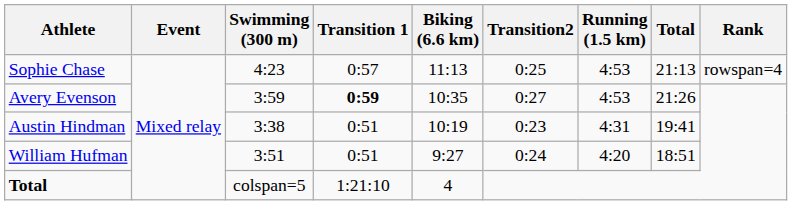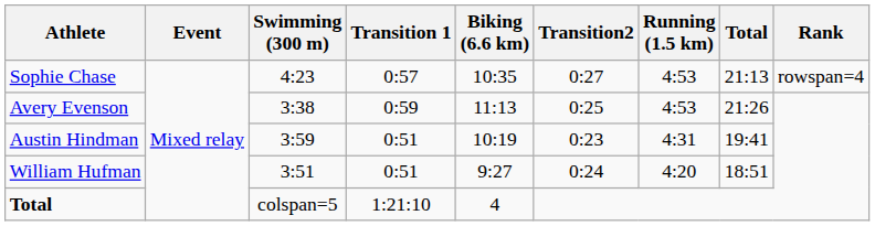 <table class=wikitable style=font-size:90%;text-align:center>
 <tr>
 <th>Athlete</th>
 <th>Event</th>
 <th>Swimming<br><span>(300 m)</span></th>
 <th>Transition 1</th>
 <th>Biking<br><span>(6.6 km)</span></th>
 <th>Transition2</th>
 <th>Running<br><span>(1.5 km)</span></th>
 <th>Total</th>
 <th>Rank</th>
 </tr>
 <tr>
 <td align=left><a href='#'>Sophie Chase</a></td>
 <td align=left rowspan=5><a href='#'>Mixed relay</a></td>
 <td>4:23</td>
 <td>0:57</td>
-<td>11:13</td>
-<td>0:25</td>
+<td>10:35</td>
+<td>0:27</td>
 <td>4:53</td>
 <td>21:13</td>
 <td>rowspan=4 </td>
 </tr>
 <tr>
 <td align=left><a href='#'>Avery Evenson</a></td>
-<td>3:59</td>
-<td><strong>0:59</strong></td>
-<td>10:35</td>
-<td>0:27</td>
+<td>3:38</td>
+<td>0:59</td>
+<td>11:13</td>
+<td>0:25</td>
 <td>4:53</td>
 <td>21:26</td>
 </tr>
 <tr>
 <td align=left><a href='#'>Austin Hindman</a></td>
-<td>3:38</td>
+<td>3:59</td>
 <td>0:51</td>
 <td>10:19</td>
 <td>0:23</td>
 <td>4:31</td>
 <td>19:41</td>
 </tr>
 <tr>
 <td align=left><a href='#'>William Hufman</a></td>
 <td>3:51</td>
 <td>0:51</td>
 <td>9:27</td>
 <td>0:24</td>
 <td>4:20</td>
 <td>18:51</td>
 </tr>
 <tr>
 <td align=left><strong>Total</strong></td>
 <td>colspan=5 </td>
 <td>1:21:10</td>
 <td>4</td>
 </tr>
 </table>
